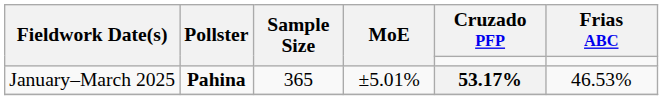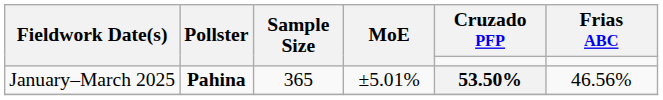 <table class="wikitable" style="text-align:center;font-size:90%;line-height:15px">
 <tr>
 <th rowspan="2">Fieldwork Date(s)</th>
 <th rowspan="2">Pollster</th>
 <th rowspan="2" style="width:60px;">Sample Size</th>
 <th rowspan="2" style="width:60px;">MoE</th>
 <th style="width:75px;">Cruzado<br><small><a href='#'>PFP</a></small></th>
 <th style="width:75px;">Frias<br><small><a href='#'>ABC</a></small></th>
 </tr>
 <tr>
 <td style="background:"></td>
 <td style="background:"></td>
 </tr>
 <tr>
 <td>January–March 2025</td>
 <td><strong>Pahina</strong></td>
 <td>365</td>
 <td>±5.01%</td>
-<th style="background-color:#">53.17%</th>
-<td>46.53%</td>
+<th style="background-color:#">53.50%</th>
+<td>46.56%</td>
 </tr>
 <tr>
 </tr>
 </table>
